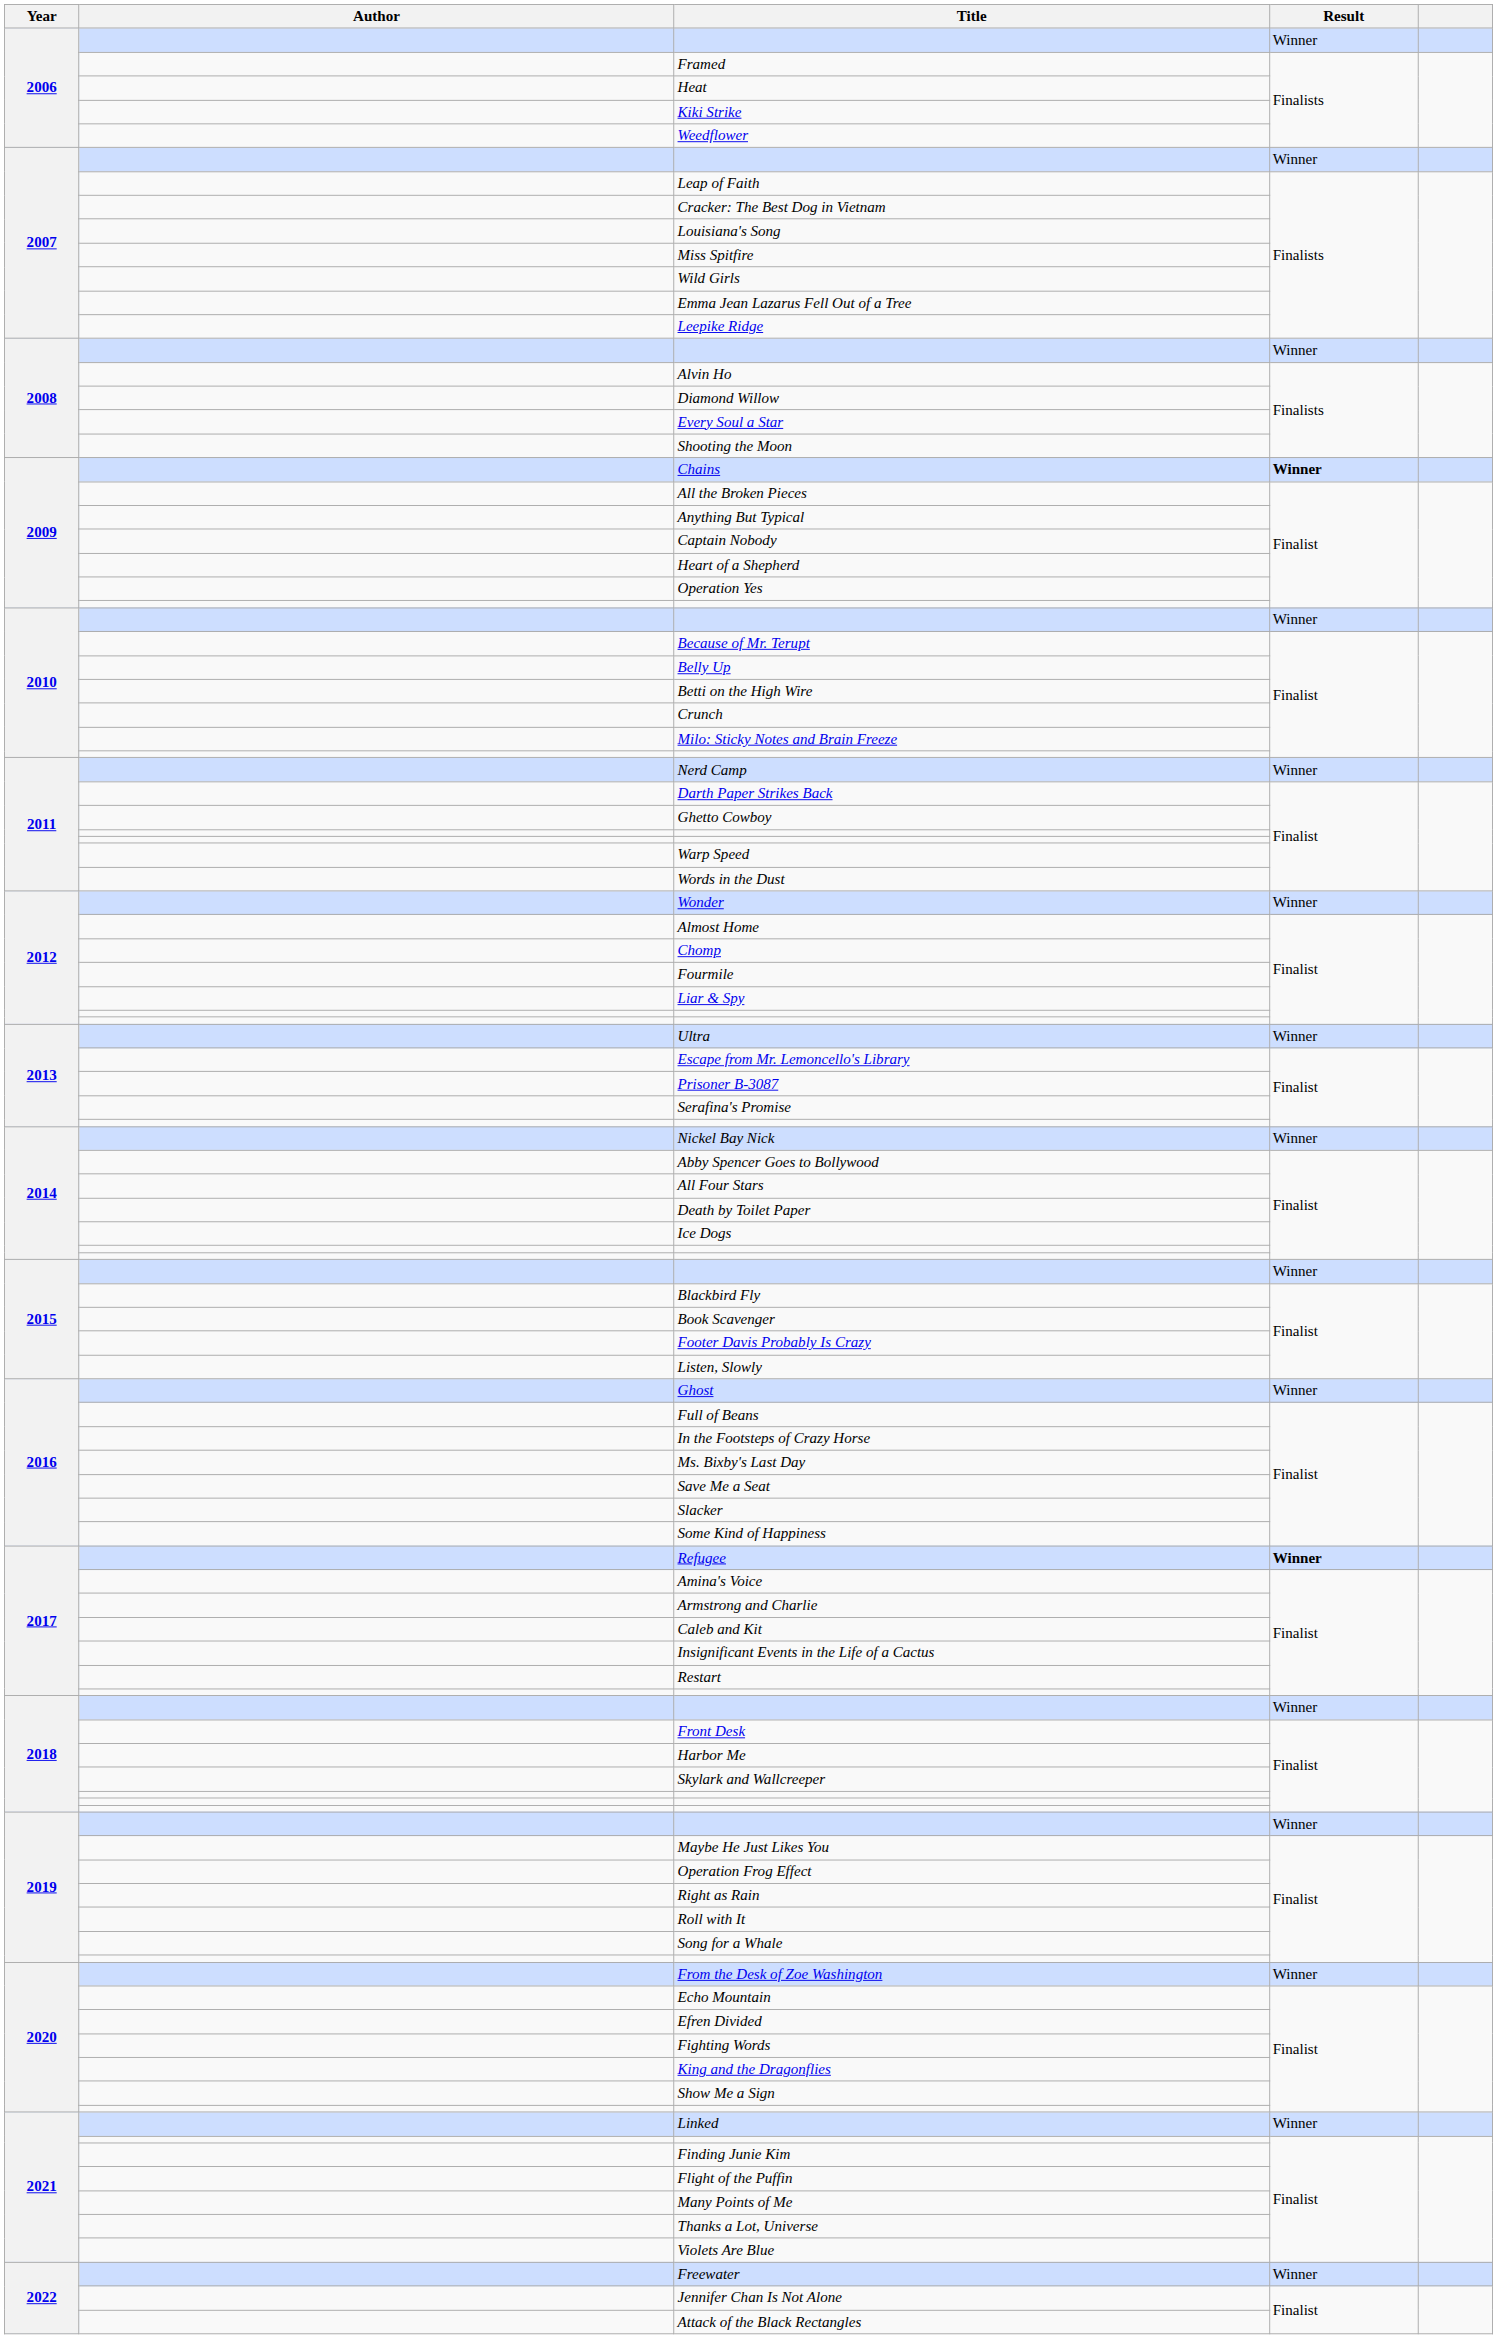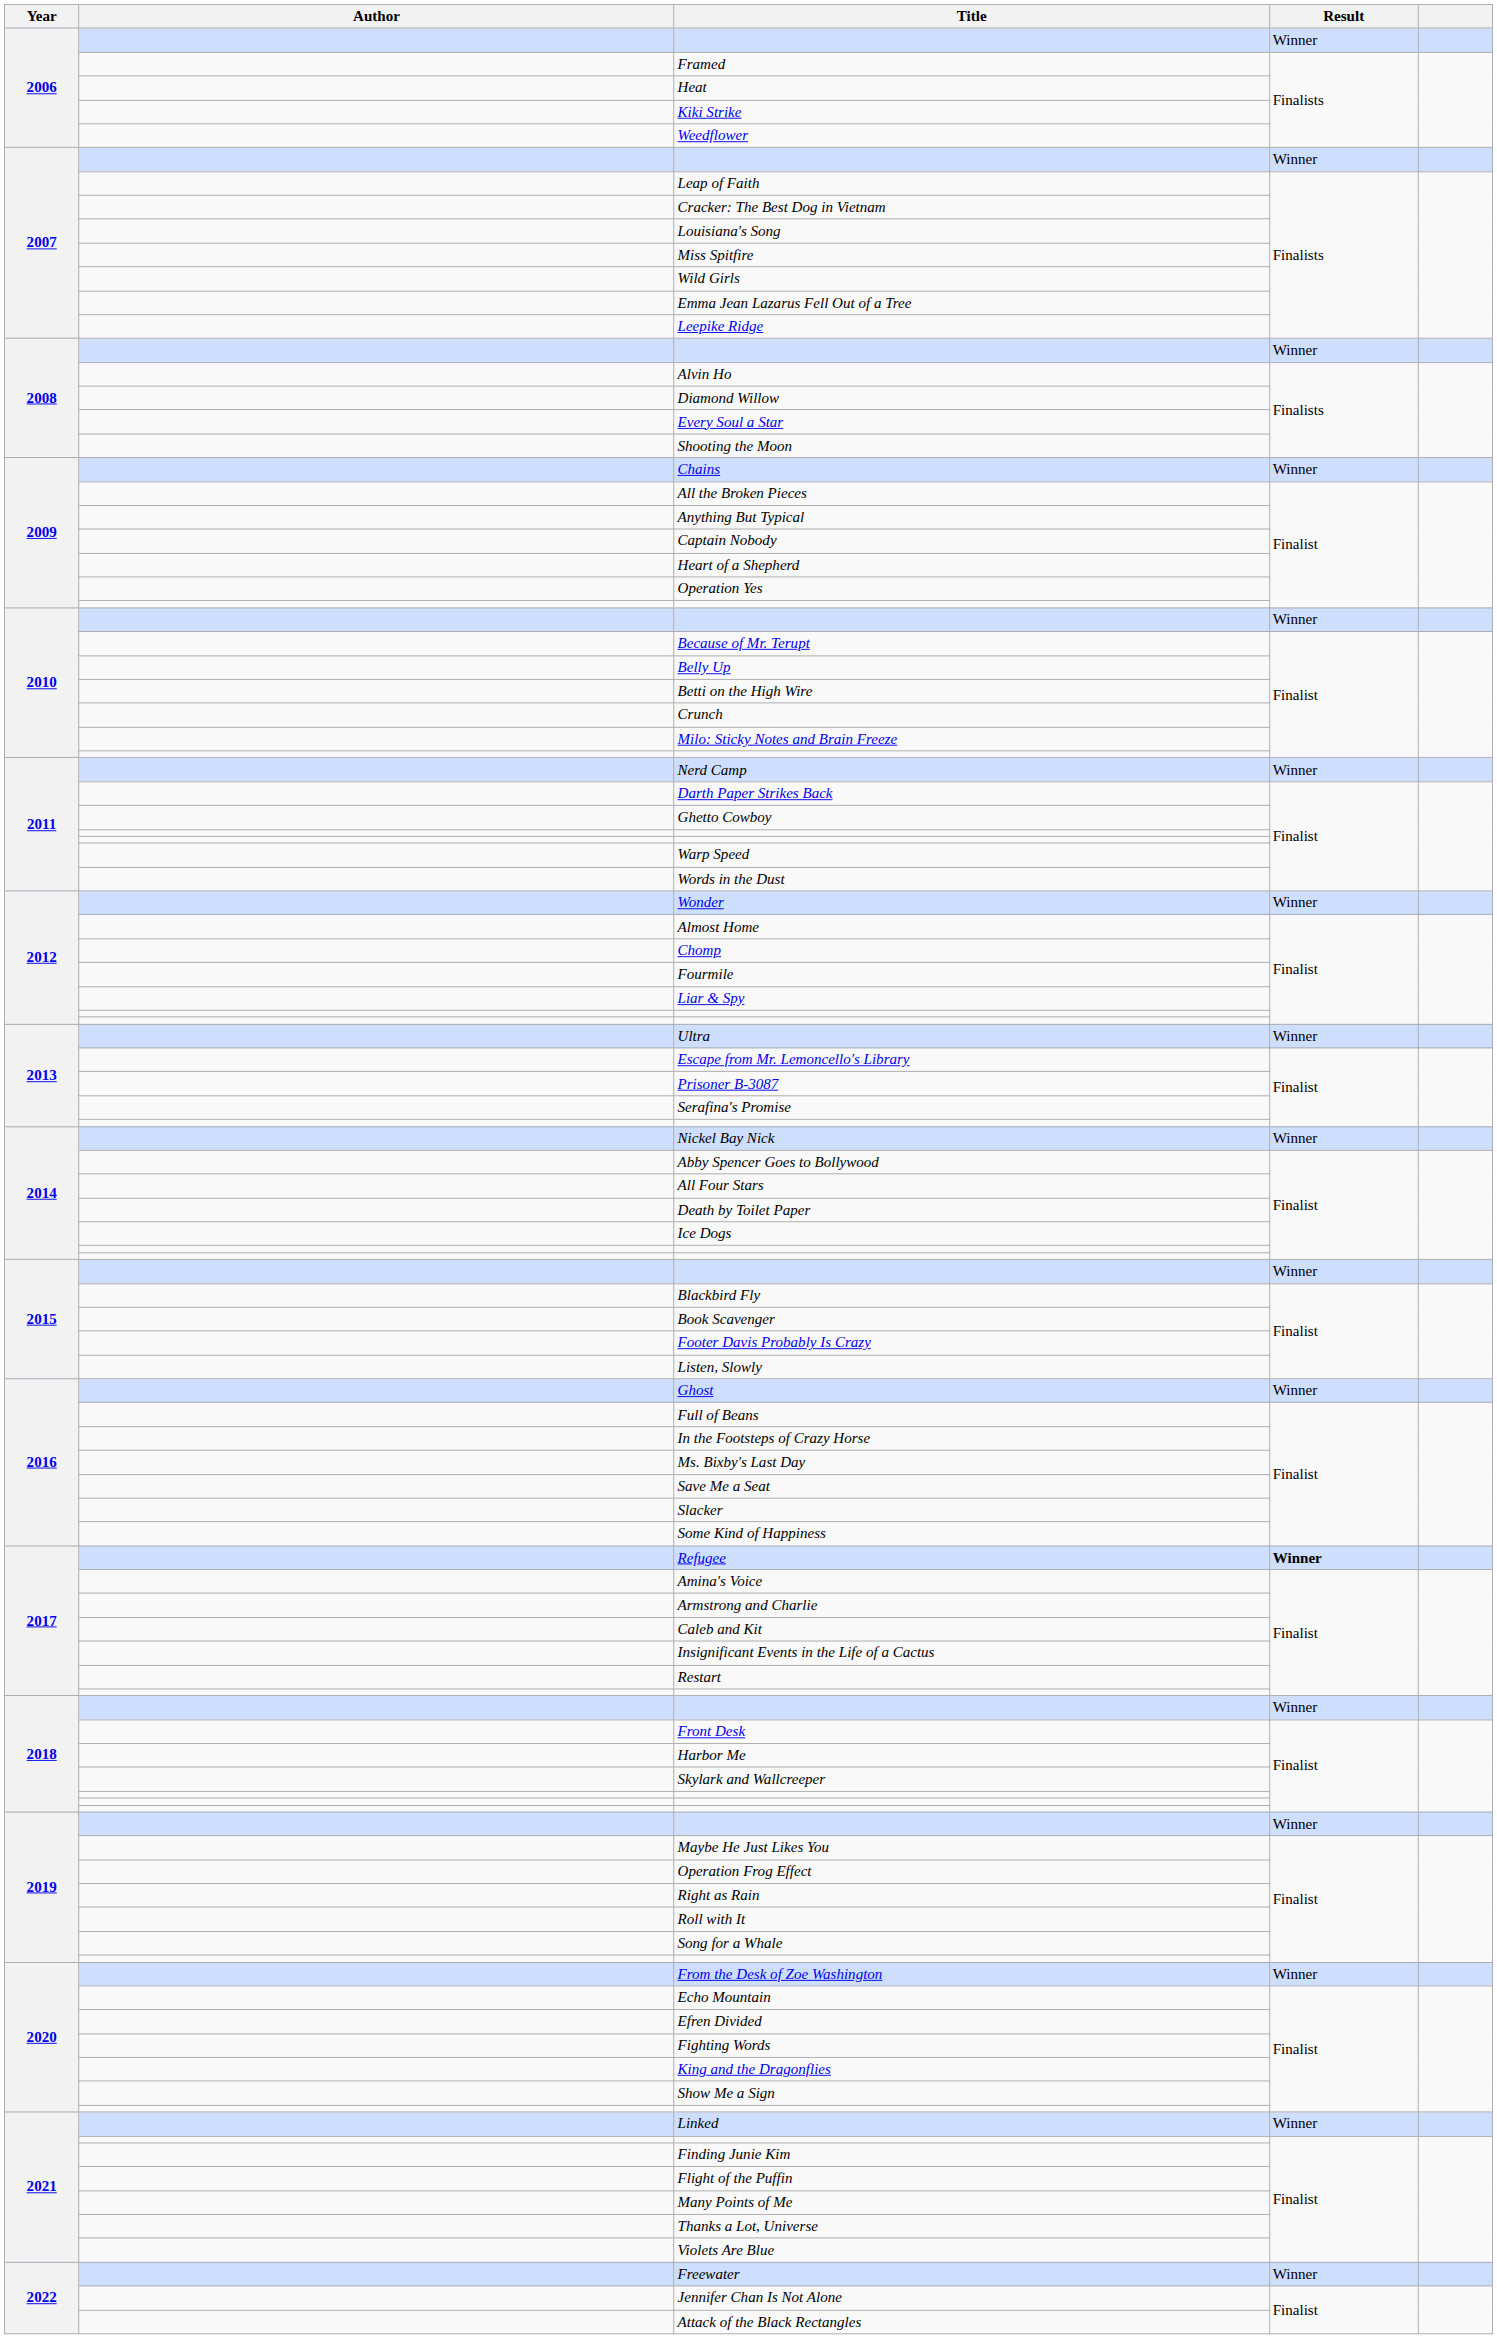 <table class="wikitable sortable mw-collapsible" width="100%">
 <tr>
 <th scope=col width="5%">Year</th>
 <th scope=col width="40%">Author</th>
 <th scope=col width="40%">Title</th>
 <th scope=col width="10%">Result</th>
 <th scope=col width="5%" class="unsortable"></th>
 </tr>
 <tr style="background:#cddeff">
 <th scope=row rowspan="5"><a href='#'>2006</a></th>
 <td></td>
 <td><em></em></td>
 <td>Winner</td>
 <td></td>
 </tr>
 <tr>
 <td></td>
 <td><em>Framed</em></td>
 <td rowspan="4">Finalists</td>
 <td rowspan="4"></td>
 </tr>
 <tr>
 <td></td>
 <td><em>Heat</em></td>
 </tr>
 <tr>
 <td></td>
 <td><em><a href='#'>Kiki Strike</a></em></td>
 </tr>
 <tr>
 <td></td>
 <td><em><a href='#'>Weedflower</a></em></td>
 </tr>
 <tr style="background:#cddeff">
 <th scope=row rowspan="8"><a href='#'>2007</a></th>
 <td></td>
 <td><em></em></td>
 <td>Winner</td>
 <td></td>
 </tr>
 <tr>
 <td></td>
 <td><em>Leap of Faith</em></td>
 <td rowspan="7">Finalists</td>
 <td rowspan="7"></td>
 </tr>
 <tr>
 <td></td>
 <td><em>Cracker: The Best Dog in Vietnam</em></td>
 </tr>
 <tr>
 <td></td>
 <td><em>Louisiana's Song</em></td>
 </tr>
 <tr>
 <td></td>
 <td><em>Miss Spitfire</em></td>
 </tr>
 <tr>
 <td></td>
 <td><em>Wild Girls</em></td>
 </tr>
 <tr>
 <td></td>
 <td><em>Emma Jean Lazarus Fell Out of a Tree</em></td>
 </tr>
 <tr>
 <td></td>
 <td><em><a href='#'>Leepike Ridge</a></em></td>
 </tr>
 <tr style="background:#cddeff">
 <th scope=row rowspan="5"><a href='#'>2008</a></th>
 <td></td>
 <td><em></em></td>
 <td>Winner</td>
 <td></td>
 </tr>
 <tr>
 <td></td>
 <td><em>Alvin Ho</em></td>
 <td rowspan="4">Finalists</td>
 <td rowspan="4"></td>
 </tr>
 <tr>
 <td></td>
 <td><em>Diamond Willow</em></td>
 </tr>
 <tr>
 <td></td>
 <td><em><a href='#'>Every Soul a Star</a></em></td>
 </tr>
 <tr>
 <td></td>
 <td><em>Shooting the Moon</em></td>
 </tr>
 <tr style="background:#cddeff">
 <th scope=row rowspan="7"><a href='#'>2009</a></th>
 <td></td>
 <td><em><a href='#'>Chains</a></em></td>
-<td><strong>Winner</strong></td>
+<td>Winner</td>
 <td></td>
 </tr>
 <tr>
 <td></td>
 <td><em>All the Broken Pieces</em></td>
 <td rowspan="6">Finalist</td>
 <td rowspan="6"></td>
 </tr>
 <tr>
 <td></td>
 <td><em>Anything But Typical</em></td>
 </tr>
 <tr>
 <td></td>
 <td><em>Captain Nobody</em></td>
 </tr>
 <tr>
 <td></td>
 <td><em>Heart of a Shepherd</em></td>
 </tr>
 <tr>
 <td></td>
 <td><em>Operation Yes</em></td>
 </tr>
 <tr>
 <td></td>
 <td></td>
 </tr>
 <tr style="background:#cddeff">
 <th scope=row rowspan="7"><a href='#'>2010</a></th>
 <td></td>
 <td><em></em></td>
 <td>Winner</td>
 <td></td>
 </tr>
 <tr>
 <td></td>
 <td><em><a href='#'>Because of Mr. Terupt</a></em></td>
 <td rowspan="6">Finalist</td>
 <td rowspan="6"></td>
 </tr>
 <tr>
 <td></td>
 <td><em><a href='#'>Belly Up</a></em></td>
 </tr>
 <tr>
 <td></td>
 <td><em>Betti on the High Wire</em></td>
 </tr>
 <tr>
 <td></td>
 <td><em>Crunch</em></td>
 </tr>
 <tr>
 <td></td>
 <td><em><a href='#'>Milo: Sticky Notes and Brain Freeze</a></em></td>
 </tr>
 <tr>
 <td></td>
 <td></td>
 </tr>
 <tr style="background:#cddeff">
 <th scope=row rowspan="7"><a href='#'>2011</a></th>
 <td></td>
 <td><em>Nerd Camp</em></td>
 <td>Winner</td>
 <td></td>
 </tr>
 <tr>
 <td></td>
 <td><em><a href='#'>Darth Paper Strikes Back</a></em></td>
 <td rowspan="6">Finalist</td>
 <td rowspan="6"></td>
 </tr>
 <tr>
 <td></td>
 <td><em>Ghetto Cowboy</em></td>
 </tr>
 <tr>
 <td></td>
 <td></td>
 </tr>
 <tr>
 <td></td>
 <td></td>
 </tr>
 <tr>
 <td></td>
 <td><em>Warp Speed</em></td>
 </tr>
 <tr>
 <td></td>
 <td><em>Words in the Dust</em></td>
 </tr>
 <tr style="background:#cddeff">
 <th scope=row rowspan="7"><a href='#'>2012</a></th>
 <td></td>
 <td><em><a href='#'>Wonder</a></em></td>
 <td>Winner</td>
 <td></td>
 </tr>
 <tr>
 <td></td>
 <td><em>Almost Home</em></td>
 <td rowspan="6">Finalist</td>
 <td rowspan="6"></td>
 </tr>
 <tr>
 <td></td>
 <td><em><a href='#'>Chomp</a></em></td>
 </tr>
 <tr>
 <td></td>
 <td><em>Fourmile</em></td>
 </tr>
 <tr>
 <td></td>
 <td><em><a href='#'>Liar & Spy</a></em></td>
 </tr>
 <tr>
 <td></td>
 <td></td>
 </tr>
 <tr>
 <td></td>
 <td></td>
 </tr>
 <tr style="background:#cddeff">
 <th scope=row rowspan="5"><a href='#'>2013</a></th>
 <td></td>
 <td><em>Ultra</em></td>
 <td>Winner</td>
 <td></td>
 </tr>
 <tr>
 <td></td>
 <td><em><a href='#'>Escape from Mr. Lemoncello's Library</a></em></td>
 <td rowspan="4">Finalist</td>
 <td rowspan="4"></td>
 </tr>
 <tr>
 <td></td>
 <td><em><a href='#'>Prisoner B-3087</a></em></td>
 </tr>
 <tr>
 <td></td>
 <td><em>Serafina's Promise</em></td>
 </tr>
 <tr>
 <td></td>
 <td></td>
 </tr>
 <tr style="background:#cddeff">
 <th scope=row rowspan="7"><a href='#'>2014</a></th>
 <td></td>
 <td><em>Nickel Bay Nick</em></td>
 <td>Winner</td>
 <td></td>
 </tr>
 <tr>
 <td></td>
 <td><em>Abby Spencer Goes to Bollywood</em></td>
 <td rowspan="6">Finalist</td>
 <td rowspan="6"></td>
 </tr>
 <tr>
 <td></td>
 <td><em>All Four Stars</em></td>
 </tr>
 <tr>
 <td></td>
 <td><em>Death by Toilet Paper</em></td>
 </tr>
 <tr>
 <td></td>
 <td><em>Ice Dogs</em></td>
 </tr>
 <tr>
 <td></td>
 <td></td>
 </tr>
 <tr>
 <td></td>
 <td></td>
 </tr>
 <tr style="background:#cddeff">
 <th scope=row rowspan="5"><a href='#'>2015</a></th>
 <td></td>
 <td><em></em></td>
 <td>Winner</td>
 <td></td>
 </tr>
 <tr>
 <td></td>
 <td><em>Blackbird Fly</em></td>
 <td rowspan="4">Finalist</td>
 <td rowspan="4"></td>
 </tr>
 <tr>
 <td></td>
 <td><em>Book Scavenger</em></td>
 </tr>
 <tr>
 <td></td>
 <td><em><a href='#'>Footer Davis Probably Is Crazy</a></em></td>
 </tr>
 <tr>
 <td></td>
 <td><em>Listen, Slowly</em></td>
 </tr>
 <tr style="background:#cddeff">
 <th scope=row rowspan="7"><a href='#'>2016</a></th>
 <td></td>
 <td><em><a href='#'>Ghost</a></em></td>
 <td>Winner</td>
 <td></td>
 </tr>
 <tr>
 <td></td>
 <td><em>Full of Beans</em></td>
 <td rowspan="6">Finalist</td>
 <td rowspan="6"></td>
 </tr>
 <tr>
 <td></td>
 <td><em>In the Footsteps of Crazy Horse</em></td>
 </tr>
 <tr>
 <td></td>
 <td><em>Ms. Bixby's Last Day</em></td>
 </tr>
 <tr>
 <td></td>
 <td><em>Save Me a Seat</em></td>
 </tr>
 <tr>
 <td></td>
 <td><em>Slacker</em></td>
 </tr>
 <tr>
 <td></td>
 <td><em>Some Kind of Happiness</em></td>
 </tr>
 <tr style="background:#cddeff">
 <th scope=row rowspan="7"><a href='#'>2017</a></th>
 <td></td>
 <td><em><a href='#'>Refugee</a></em></td>
 <td><strong>Winner</strong></td>
 <td></td>
 </tr>
 <tr>
 <td></td>
 <td><em>Amina's Voice</em></td>
 <td rowspan="6">Finalist</td>
 <td rowspan="6"></td>
 </tr>
 <tr>
 <td></td>
 <td><em>Armstrong and Charlie</em></td>
 </tr>
 <tr>
 <td></td>
 <td><em>Caleb and Kit</em></td>
 </tr>
 <tr>
 <td></td>
 <td><em>Insignificant Events in the Life of a Cactus</em></td>
 </tr>
 <tr>
 <td></td>
 <td><em>Restart</em></td>
 </tr>
 <tr>
 <td></td>
 <td></td>
 </tr>
 <tr style="background:#cddeff">
 <th scope=row rowspan="7"><a href='#'>2018</a></th>
 <td></td>
 <td><em></em></td>
 <td>Winner</td>
 <td></td>
 </tr>
 <tr>
 <td></td>
 <td><em><a href='#'>Front Desk</a></em></td>
 <td rowspan="6">Finalist</td>
 <td rowspan="6"></td>
 </tr>
 <tr>
 <td></td>
 <td><em>Harbor Me</em></td>
 </tr>
 <tr>
 <td></td>
 <td><em>Skylark and Wallcreeper</em></td>
 </tr>
 <tr>
 <td></td>
 <td><em></em></td>
 </tr>
 <tr>
 <td></td>
 <td><em></em></td>
 </tr>
 <tr>
 <td></td>
 <td><em></em></td>
 </tr>
 <tr style="background:#cddeff">
 <th scope=row rowspan="7"><a href='#'>2019</a></th>
 <td></td>
 <td></td>
 <td>Winner</td>
 <td></td>
 </tr>
 <tr>
 <td></td>
 <td><em>Maybe He Just Likes You</em></td>
 <td rowspan="6">Finalist</td>
 <td rowspan="6"></td>
 </tr>
 <tr>
 <td></td>
 <td><em>Operation Frog Effect</em></td>
 </tr>
 <tr>
 <td></td>
 <td><em>Right as Rain</em></td>
 </tr>
 <tr>
 <td></td>
 <td><em>Roll with It</em></td>
 </tr>
 <tr>
 <td></td>
 <td><em>Song for a Whale</em></td>
 </tr>
 <tr>
 <td></td>
 <td></td>
 </tr>
 <tr style="background:#cddeff">
 <th scope=row rowspan="7"><a href='#'>2020</a></th>
 <td></td>
 <td><em><a href='#'>From the Desk of Zoe Washington</a></em></td>
 <td>Winner</td>
 <td></td>
 </tr>
 <tr>
 <td></td>
 <td><em>Echo Mountain</em></td>
 <td rowspan="6">Finalist</td>
 <td rowspan="6"></td>
 </tr>
 <tr>
 <td></td>
 <td><em>Efren Divided</em></td>
 </tr>
 <tr>
 <td></td>
 <td><em>Fighting Words</em></td>
 </tr>
 <tr>
 <td></td>
 <td><em><a href='#'>King and the Dragonflies</a></em></td>
 </tr>
 <tr>
 <td></td>
 <td><em>Show Me a Sign</em></td>
 </tr>
 <tr>
 <td></td>
 <td></td>
 </tr>
 <tr style="background:#cddeff">
 <th scope=row rowspan="7"><a href='#'>2021</a></th>
 <td></td>
 <td><em>Linked</em></td>
 <td>Winner</td>
 <td></td>
 </tr>
 <tr>
 <td></td>
 <td></td>
 <td rowspan="6">Finalist</td>
 <td rowspan="6"></td>
 </tr>
 <tr>
 <td></td>
 <td><em>Finding Junie Kim</em></td>
 </tr>
 <tr>
 <td></td>
 <td><em>Flight of the Puffin</em></td>
 </tr>
 <tr>
 <td></td>
 <td><em>Many Points of Me</em></td>
 </tr>
 <tr>
 <td></td>
 <td><em>Thanks a Lot, Universe</em></td>
 </tr>
 <tr>
 <td></td>
 <td><em>Violets Are Blue</em></td>
 </tr>
 <tr style="background:#cddeff">
 <th scope=row rowspan="3"><a href='#'>2022</a></th>
 <td></td>
 <td><em>Freewater</em></td>
 <td>Winner</td>
 <td></td>
 </tr>
 <tr>
 <td></td>
 <td><em>Jennifer Chan Is Not Alone</em></td>
 <td rowspan="2">Finalist</td>
 <td rowspan="2"></td>
 </tr>
 <tr>
 <td></td>
 <td><em>Attack of the Black Rectangles</em></td>
 </tr>
 </table>
